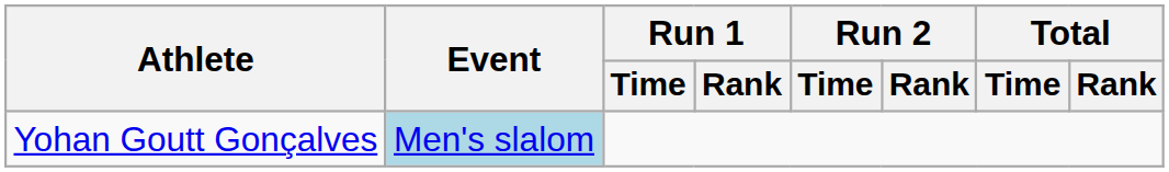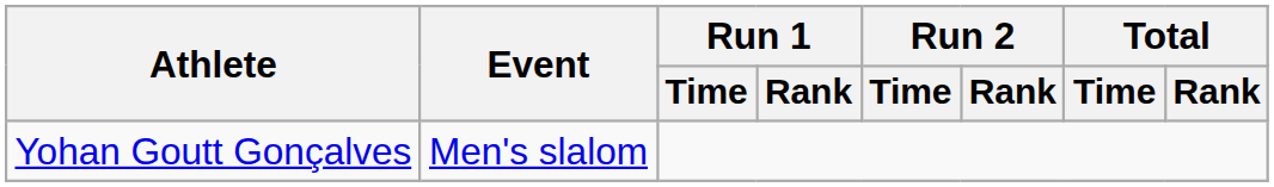 <table class="wikitable" style="font-size:90%">
 <tr>
 <th rowspan=2>Athlete</th>
 <th rowspan=2>Event</th>
 <th colspan=2>Run 1</th>
 <th colspan=2>Run 2</th>
 <th colspan=2>Total</th>
 </tr>
 <tr style="font-size:95%">
 <th>Time</th>
 <th>Rank</th>
 <th>Time</th>
 <th>Rank</th>
 <th>Time</th>
 <th>Rank</th>
 </tr>
 <tr align=center>
 <td align=left><a href='#'>Yohan Goutt Gonçalves</a></td>
-<td align=left style="background: lightblue;"><a href='#'>Men's slalom</a></td>
+<td align=left><a href='#'>Men's slalom</a></td>
 <td colspan=6></td>
 </tr>
 </table>
